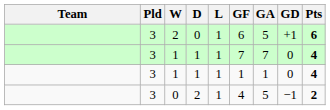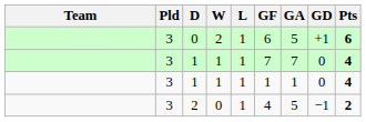 <table class="wikitable" style="text-align:center">
 <tr>
 <th width=165>Team</th>
 <th width=20>Pld</th>
+<th width=20>D</th>
 <th width=20>W</th>
-<th width=20>D</th>
 <th width=20>L</th>
 <th width=20>GF</th>
 <th width=20>GA</th>
 <th width=20>GD</th>
 <th width=20>Pts</th>
 </tr>
 <tr bgcolor="#ccffcc">
 <td align="left"></td>
 <td>3</td>
+<td>0</td>
 <td>2</td>
-<td>0</td>
 <td>1</td>
 <td>6</td>
 <td>5</td>
 <td>+1</td>
 <td><strong>6</strong></td>
 </tr>
 <tr bgcolor="#ccffcc">
 <td align="left"></td>
 <td>3</td>
 <td>1</td>
 <td>1</td>
 <td>1</td>
 <td>7</td>
 <td>7</td>
 <td>0</td>
 <td><strong>4</strong></td>
 </tr>
 <tr>
 <td align="left"></td>
 <td>3</td>
 <td>1</td>
 <td>1</td>
 <td>1</td>
 <td>1</td>
 <td>1</td>
 <td>0</td>
 <td><strong>4</strong></td>
 </tr>
 <tr>
 <td align="left"></td>
 <td>3</td>
+<td>2</td>
 <td>0</td>
-<td>2</td>
 <td>1</td>
 <td>4</td>
 <td>5</td>
 <td>−1</td>
 <td><strong>2</strong></td>
 </tr>
 </table>
